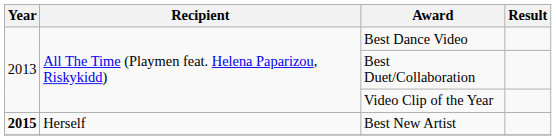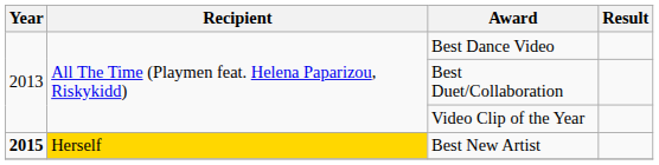 <table class="wikitable">
 <tr>
 <th>Year</th>
 <th>Recipient</th>
 <th>Award</th>
 <th>Result</th>
 </tr>
 <tr>
 <td rowspan="3">2013</td>
 <td rowspan="3"><a href='#'>All The Time</a> (Playmen feat. <a href='#'>Helena Paparizou</a>, <a href='#'>Riskykidd</a>)</td>
 <td>Best Dance Video</td>
 <td></td>
 </tr>
 <tr>
 <td>Best Duet/Collaboration</td>
 <td></td>
 </tr>
 <tr>
 <td>Video Clip of the Year</td>
 <td></td>
 </tr>
 <tr>
 <td><strong>2015</strong></td>
-<td>Herself</td>
+<td style="background: gold;">Herself</td>
 <td>Best New Artist</td>
 <td></td>
 </tr>
 <tr>
 </tr>
 </table>
